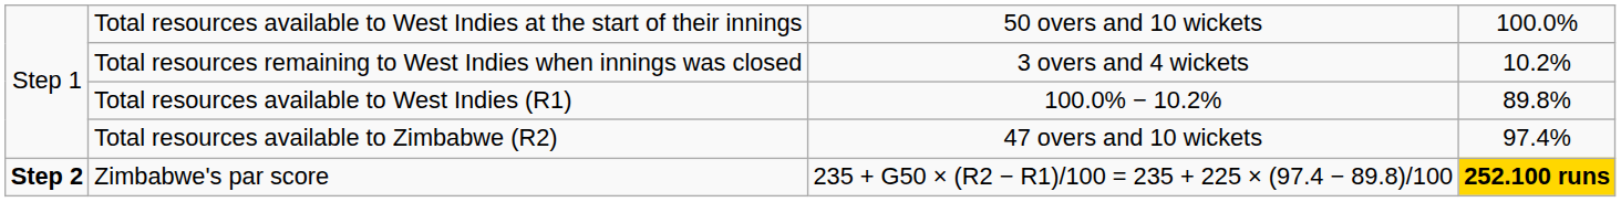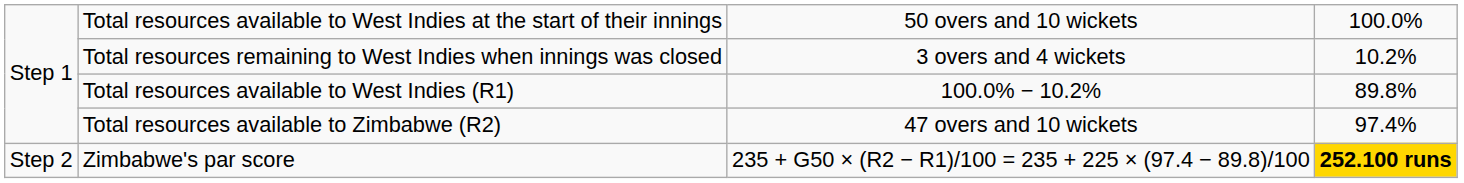 <table class="wikitable">
 <tr>
 <td rowspan="4" colspan="1" style="text-align: center;">Step 1</td>
 <td>Total resources available to West Indies at the start of their innings</td>
 <td align="center">50 overs and 10 wickets</td>
 <td align="center">100.0%</td>
 </tr>
 <tr>
 <td>Total resources remaining to West Indies when innings was closed</td>
 <td align="center">3 overs and 4 wickets</td>
 <td align="center">10.2%</td>
 </tr>
 <tr>
 <td>Total resources available to West Indies (R1)</td>
 <td align="center">100.0% − 10.2%</td>
 <td align="center">89.8%</td>
 </tr>
 <tr>
 <td>Total resources available to Zimbabwe (R2)</td>
 <td align="center">47 overs and 10 wickets</td>
 <td align="center">97.4%</td>
 </tr>
 <tr>
-<td rowspan="1" colspan="1" style="text-align: center;"><strong>Step 2</strong></td>
+<td rowspan="1" colspan="1" style="text-align: center;">Step 2</td>
 <td>Zimbabwe's par score</td>
 <td align="center">235 + G50 × (R2 − R1)/100 = 235 + 225 × (97.4 − 89.8)/100</td>
 <td align="center" style="background: gold;"><strong>252.100 runs</strong></td>
 </tr>
 </table>
